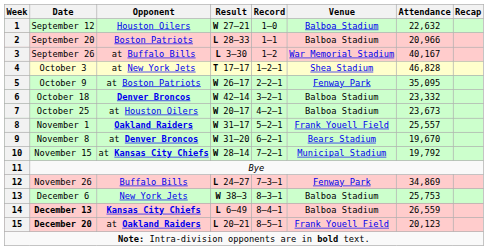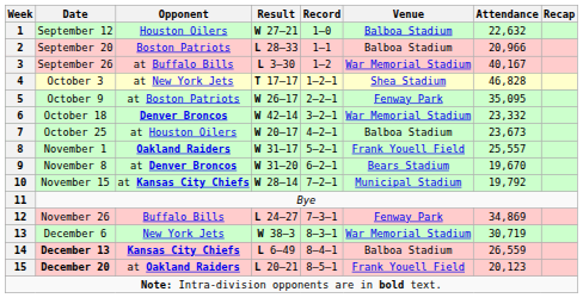 <table class="wikitable" style="text-align:center">
 <tr>
 <th>Week</th>
 <th>Date</th>
 <th>Opponent</th>
 <th>Result</th>
 <th>Record</th>
 <th>Venue</th>
 <th>Attendance</th>
 <th>Recap</th>
 </tr>
 <tr style="background:#cfc">
 <th>1</th>
 <td>September 12</td>
 <td><a href='#'>Houston Oilers</a></td>
 <td><strong>W</strong> 27–21</td>
 <td>1–0</td>
 <td><a href='#'>Balboa Stadium</a></td>
 <td>22,632</td>
 <td></td>
 </tr>
 <tr style="background:#fcc">
 <th>2</th>
 <td>September 20</td>
 <td><a href='#'>Boston Patriots</a></td>
 <td><strong>L</strong> 28–33</td>
 <td>1–1</td>
 <td>Balboa Stadium</td>
 <td>20,966</td>
 <td></td>
 </tr>
 <tr style="background:#fcc">
 <th>3</th>
 <td>September 26</td>
 <td>at <a href='#'>Buffalo Bills</a></td>
 <td><strong>L</strong> 3–30</td>
 <td>1–2</td>
 <td><a href='#'>War Memorial Stadium</a></td>
 <td>40,167</td>
 <td></td>
 </tr>
 <tr style="background:#ffc">
 <th>4</th>
 <td>October 3</td>
 <td>at <a href='#'>New York Jets</a></td>
 <td><strong>T</strong> 17–17</td>
 <td>1–2–1</td>
 <td><a href='#'>Shea Stadium</a></td>
 <td>46,828</td>
 <td></td>
 </tr>
 <tr style="background:#cfc">
 <th>5</th>
 <td>October 9</td>
 <td>at <a href='#'>Boston Patriots</a></td>
 <td><strong>W</strong> 26–17</td>
 <td>2–2–1</td>
 <td><a href='#'>Fenway Park</a></td>
 <td>35,095</td>
 <td></td>
 </tr>
 <tr style="background:#cfc">
 <th>6</th>
 <td>October 18</td>
 <td><strong><a href='#'>Denver Broncos</a></strong></td>
 <td><strong>W</strong> 42–14</td>
 <td>3–2–1</td>
-<td>Balboa Stadium</td>
+<td><a href='#'>War Memorial Stadium</a></td>
 <td>23,332</td>
 <td></td>
 </tr>
 <tr style="background:#cfc">
 <th>7</th>
 <td>October 25</td>
 <td>at <a href='#'>Houston Oilers</a></td>
 <td><strong>W</strong> 20–17</td>
 <td>4–2–1</td>
 <td>Balboa Stadium</td>
 <td>23,673</td>
 <td></td>
 </tr>
 <tr style="background:#cfc">
 <th>8</th>
 <td>November 1</td>
 <td><strong><a href='#'>Oakland Raiders</a></strong></td>
 <td><strong>W</strong> 31–17</td>
 <td>5–2–1</td>
 <td><a href='#'>Frank Youell Field</a></td>
 <td>25,557</td>
 <td></td>
 </tr>
 <tr style="background:#cfc">
 <th>9</th>
 <td>November 8</td>
 <td>at <strong><a href='#'>Denver Broncos</a></strong></td>
 <td><strong>W</strong> 31–20</td>
 <td>6–2–1</td>
 <td><a href='#'>Bears Stadium</a></td>
 <td>19,670</td>
 <td></td>
 </tr>
 <tr style="background:#cfc">
 <th>10</th>
 <td>November 15</td>
 <td>at <strong><a href='#'>Kansas City Chiefs</a></strong></td>
 <td><strong>W</strong> 28–14</td>
 <td>7–2–1</td>
 <td><a href='#'>Municipal Stadium</a></td>
 <td>19,792</td>
 <td></td>
 </tr>
 <tr>
 <th>11</th>
 <td colspan="7" align="center"><em>Bye</em></td>
 </tr>
 <tr style="background:#fcc">
 <th>12</th>
 <td>November 26</td>
 <td><a href='#'>Buffalo Bills</a></td>
 <td><strong>L</strong> 24–27</td>
 <td>7–3–1</td>
 <td><a href='#'>Fenway Park</a></td>
 <td>34,869</td>
 <td></td>
 </tr>
 <tr style="background:#cfc">
 <th>13</th>
 <td>December 6</td>
 <td><a href='#'>New York Jets</a></td>
 <td><strong>W</strong> 38–3</td>
 <td>8–3–1</td>
-<td>Balboa Stadium</td>
-<td>25,753</td>
+<td><a href='#'>War Memorial Stadium</a></td>
+<td>30,719</td>
 <td></td>
 </tr>
 <tr style="background:#fcc">
 <th>14</th>
 <td><strong>December 13</strong></td>
 <td><strong><a href='#'>Kansas City Chiefs</a></strong></td>
 <td><strong>L</strong> 6–49</td>
 <td>8–4–1</td>
 <td>Balboa Stadium</td>
 <td>26,559</td>
 <td></td>
 </tr>
 <tr style="background:#fcc">
 <th>15</th>
 <td><strong>December 20</strong></td>
 <td>at <strong><a href='#'>Oakland Raiders</a></strong></td>
 <td><strong>L</strong> 20–21</td>
 <td>8–5–1</td>
 <td><a href='#'>Frank Youell Field</a></td>
 <td>20,123</td>
 <td></td>
 </tr>
 <tr>
 <td colspan="8"><strong>Note:</strong> Intra-division opponents are in <strong>bold</strong> text.</td>
 </tr>
 </table>
